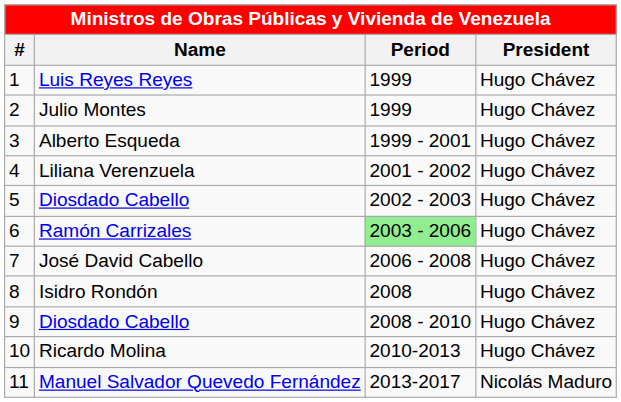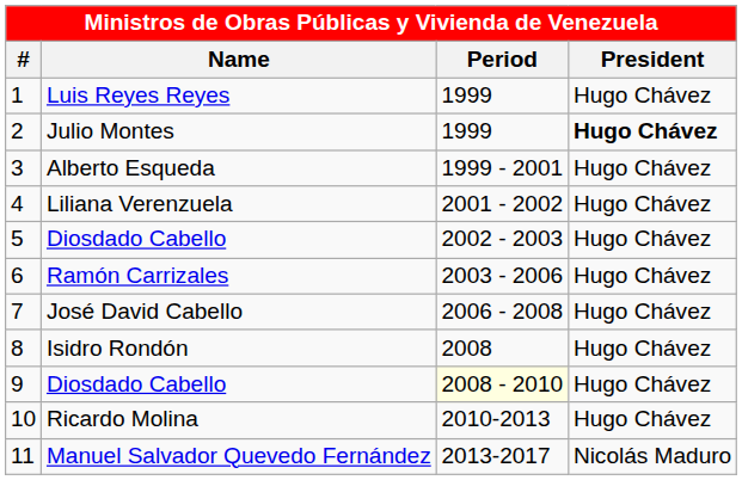 <table class="wikitable">
 <tr>
 <td bgcolor="red" colspan="4" align="center" style="color:white;"><strong>Ministros de Obras Públicas y Vivienda de Venezuela</strong></td>
 </tr>
 <tr bgcolor=#efefef>
 <th align="center">#</th>
 <th align="center">Name</th>
 <th align="center">Period</th>
 <th align="center">President</th>
 </tr>
 <tr>
 <td>1</td>
 <td><a href='#'>Luis Reyes Reyes</a></td>
 <td>1999</td>
 <td>Hugo Chávez</td>
 </tr>
 <tr>
 <td>2</td>
 <td>Julio Montes</td>
 <td>1999</td>
-<td>Hugo Chávez</td>
+<td><strong>Hugo Chávez</strong></td>
 </tr>
 <tr>
 <td>3</td>
 <td>Alberto Esqueda</td>
 <td>1999 - 2001</td>
 <td>Hugo Chávez</td>
 </tr>
 <tr>
 <td>4</td>
 <td>Liliana Verenzuela</td>
 <td>2001 - 2002</td>
 <td>Hugo Chávez</td>
 </tr>
 <tr>
 <td>5</td>
 <td><a href='#'>Diosdado Cabello</a></td>
 <td>2002 - 2003</td>
 <td>Hugo Chávez</td>
 </tr>
 <tr>
 <td>6</td>
 <td><a href='#'>Ramón Carrizales</a></td>
-<td style="background: lightgreen;">2003 - 2006</td>
+<td>2003 - 2006</td>
 <td>Hugo Chávez</td>
 </tr>
 <tr>
 <td>7</td>
 <td>José David Cabello</td>
 <td>2006 - 2008</td>
 <td>Hugo Chávez</td>
 </tr>
 <tr>
 <td>8</td>
 <td>Isidro Rondón</td>
 <td>2008</td>
 <td>Hugo Chávez</td>
 </tr>
 <tr>
 <td>9</td>
 <td><a href='#'>Diosdado Cabello</a></td>
-<td>2008 - 2010</td>
+<td style="background: lightyellow;">2008 - 2010</td>
 <td>Hugo Chávez</td>
 </tr>
 <tr>
 <td>10</td>
 <td>Ricardo Molina</td>
 <td>2010-2013</td>
 <td>Hugo Chávez</td>
 </tr>
 <tr>
 <td>11</td>
 <td><a href='#'>Manuel Salvador Quevedo Fernández</a></td>
 <td>2013-2017</td>
 <td>Nicolás Maduro</td>
 </tr>
 </table>
